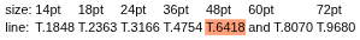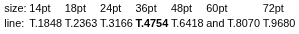 <table style="margin-left:40px;">
 <tr>
 <td>size:</td>
 <td>14pt</td>
 <td>18pt</td>
 <td>24pt</td>
 <td>36pt</td>
 <td>48pt</td>
 <td>60pt</td>
 <td>72pt</td>
 </tr>
 <tr>
 <td>line:</td>
 <td>T.1848</td>
 <td>T.2363</td>
 <td>T.3166</td>
-<td>T.4754</td>
-<td style="background: lightsalmon;">T.6418</td>
+<td><strong>T.4754</strong></td>
+<td>T.6418</td>
 <td>and T.8070</td>
 <td>T.9680</td>
 </tr>
 </table>
